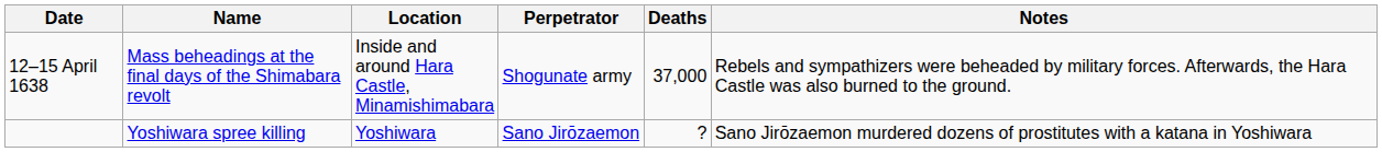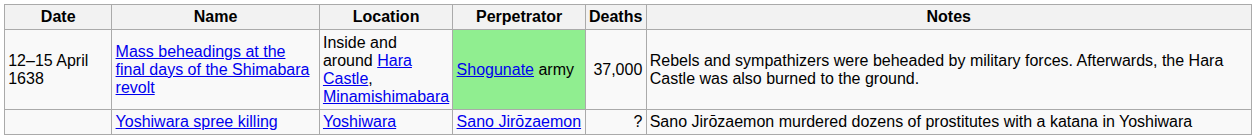 <table class="wikitable sortable" style="font-size:100%;">
 <tr>
 <th scope="col" style="width:100px;">Date</th>
 <th scope="col" style="width:200px;">Name</th>
 <th scope="col" style="width:120px;">Location</th>
 <th scope="col" style="width:125px;">Perpetrator</th>
 <th scope="col" style="width:50px;" data-sort-type="number">Deaths</th>
 <th scope="col" class="unsortable">Notes</th>
 </tr>
 <tr>
 <td>12–15 April 1638</td>
 <td><a href='#'>Mass beheadings at the final days of the Shimabara revolt</a></td>
 <td>Inside and around <a href='#'>Hara Castle</a>, <a href='#'>Minamishimabara</a></td>
-<td><a href='#'>Shogunate</a> army</td>
+<td style="background: lightgreen;"><a href='#'>Shogunate</a> army</td>
 <td style="text-align: right;">37,000</td>
 <td>Rebels and sympathizers were beheaded by military forces. Afterwards, the Hara Castle was also burned to the ground.</td>
 </tr>
 <tr>
 <td></td>
 <td><a href='#'>Yoshiwara spree killing</a></td>
 <td><a href='#'>Yoshiwara</a></td>
 <td><a href='#'>Sano Jirōzaemon</a></td>
 <td style="text-align: right;">?</td>
 <td>Sano Jirōzaemon murdered dozens of prostitutes with a katana in Yoshiwara</td>
 </tr>
 <tr>
 </tr>
 </table>
